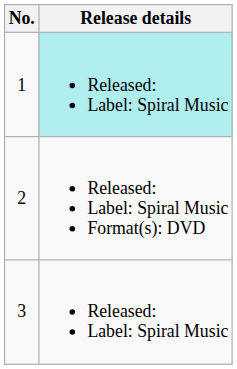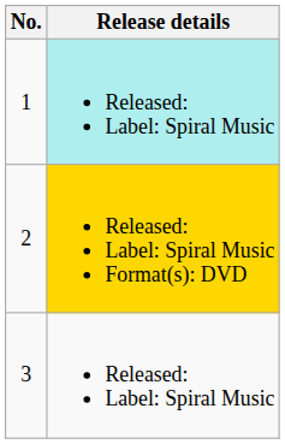 <table class="wikitable">
 <tr>
 <th>No.</th>
 <th>Release details</th>
 </tr>
 <tr>
 <td style="text-align:center;">1</td>
 <td style="background: paleturquoise;"><br><ul><li>Released: </li><li>Label: Spiral Music</li></ul></td>
 </tr>
 <tr>
 <td style="text-align:center;">2</td>
-<td><br><ul><li>Released: </li><li>Label: Spiral Music</li><li>Format(s): DVD</li></ul></td>
+<td style="background: gold;"><br><ul><li>Released: </li><li>Label: Spiral Music</li><li>Format(s): DVD</li></ul></td>
 </tr>
 <tr>
 <td style="text-align:center;">3</td>
 <td><br><ul><li>Released: </li><li>Label: Spiral Music</li></ul></td>
 </tr>
 </table>
